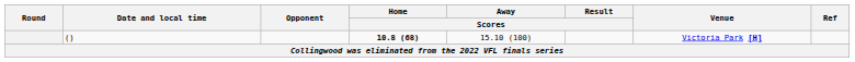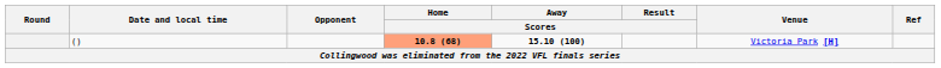 <table class="wikitable plainrowheaders" style="font-size:90%; width:100%; text-align:center;">
 <tr>
 <th scope="col" rowspan="2">Round</th>
 <th scope="col" rowspan="2">Date and local time</th>
 <th scope="col" rowspan="2">Opponent</th>
 <th scope="col">Home</th>
 <th scope="col">Away</th>
 <th scope="col">Result</th>
 <th scope="col" rowspan="2">Venue</th>
 <th scope="col" class="unsortable" rowspan=2>Ref</th>
 </tr>
 <tr>
 <th scope="col" colspan="3">Scores</th>
 </tr>
 <tr>
 <th scope="row"></th>
 <td align=left> ()</td>
 <td align=left></td>
-<td><strong>10.8 (68)</strong></td>
-<td>15.10 (100)</td>
+<td style="background: lightsalmon;"><strong>10.8 (68)</strong></td>
+<td><strong>15.10 (100)</strong></td>
 <td></td>
 <td><a href='#'>Victoria Park</a> <a href='#'><strong>[H]</strong></a></td>
 <td></td>
 </tr>
 <tr>
 <th colspan=8><span><em>Collingwood was eliminated from the 2022 VFL finals series</em></span></th>
 </tr>
 </table>
